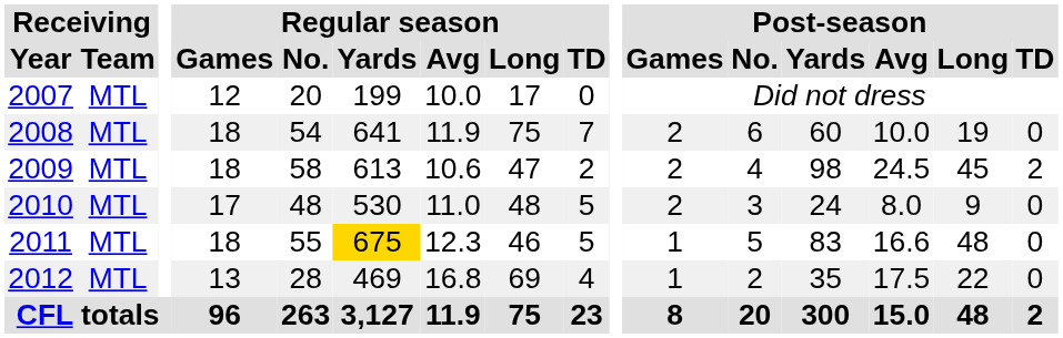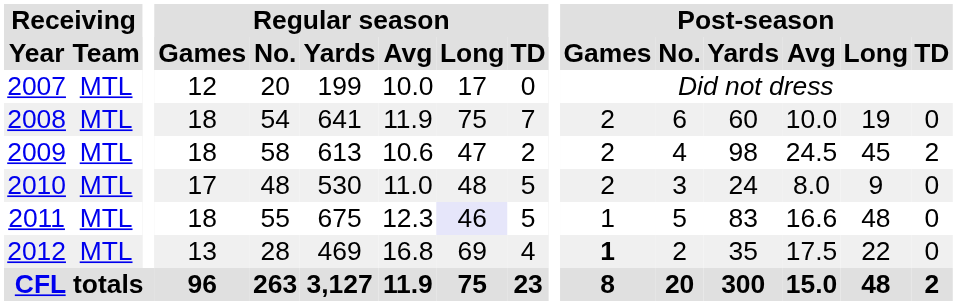 <table BORDER="0" CELLPADDING="1" CELLSPACING="0" width="65%" style="text-align:center">
 <tr bgcolor="#e0e0e0">
 <th colspan="2">Receiving</th>
 <th rowspan="99" bgcolor="#ffffff"> </th>
 <th colspan="6">Regular season</th>
 <th rowspan="99" bgcolor="#ffffff"> </th>
 <th colspan="6">Post-season</th>
 </tr>
 <tr bgcolor="#e0e0e0">
 <th>Year</th>
 <th>Team</th>
 <th>Games</th>
 <th>No.</th>
 <th>Yards</th>
 <th>Avg</th>
 <th>Long</th>
 <th>TD</th>
 <th>Games</th>
 <th>No.</th>
 <th>Yards</th>
 <th>Avg</th>
 <th>Long</th>
 <th>TD</th>
 </tr>
 <tr ALIGN="center">
 <td><a href='#'>2007</a></td>
 <td><a href='#'>MTL</a></td>
 <td>12</td>
 <td>20</td>
 <td>199</td>
 <td>10.0</td>
 <td>17</td>
 <td>0</td>
 <td colspan="6"><em>Did not dress</em></td>
 </tr>
 <tr ALIGN="center" bgcolor="#f0f0f0">
 <td><a href='#'>2008</a></td>
 <td><a href='#'>MTL</a></td>
 <td>18</td>
 <td>54</td>
 <td>641</td>
 <td>11.9</td>
 <td>75</td>
 <td>7</td>
 <td>2</td>
 <td>6</td>
 <td>60</td>
 <td>10.0</td>
 <td>19</td>
 <td>0</td>
 </tr>
 <tr ALIGN="center">
 <td><a href='#'>2009</a></td>
 <td><a href='#'>MTL</a></td>
 <td>18</td>
 <td>58</td>
 <td>613</td>
 <td>10.6</td>
 <td>47</td>
 <td>2</td>
 <td>2</td>
 <td>4</td>
 <td>98</td>
 <td>24.5</td>
 <td>45</td>
 <td>2</td>
 </tr>
 <tr ALIGN="center" bgcolor="#f0f0f0">
 <td><a href='#'>2010</a></td>
 <td><a href='#'>MTL</a></td>
 <td>17</td>
 <td>48</td>
 <td>530</td>
 <td>11.0</td>
 <td>48</td>
 <td>5</td>
 <td>2</td>
 <td>3</td>
 <td>24</td>
 <td>8.0</td>
 <td>9</td>
 <td>0</td>
 </tr>
 <tr ALIGN="center">
 <td><a href='#'>2011</a></td>
 <td><a href='#'>MTL</a></td>
 <td>18</td>
 <td>55</td>
-<td style="background: gold;">675</td>
+<td>675</td>
 <td>12.3</td>
-<td>46</td>
+<td style="background: lavender;">46</td>
 <td>5</td>
 <td>1</td>
 <td>5</td>
 <td>83</td>
 <td>16.6</td>
 <td>48</td>
 <td>0</td>
 </tr>
 <tr ALIGN="center" bgcolor="#f0f0f0">
 <td><a href='#'>2012</a></td>
 <td><a href='#'>MTL</a></td>
 <td>13</td>
 <td>28</td>
 <td>469</td>
 <td>16.8</td>
 <td>69</td>
 <td>4</td>
-<td>1</td>
+<td><strong>1</strong></td>
 <td>2</td>
 <td>35</td>
 <td>17.5</td>
 <td>22</td>
 <td>0</td>
 </tr>
 <tr bgcolor="#e0e0e0">
 <th colspan="3"><a href='#'>CFL</a> totals</th>
 <th>96</th>
 <th>263</th>
 <th>3,127</th>
 <th>11.9</th>
 <th>75</th>
 <th>23</th>
 <th>8</th>
 <th>20</th>
 <th>300</th>
 <th>15.0</th>
 <th>48</th>
 <th>2</th>
 </tr>
 </table>
